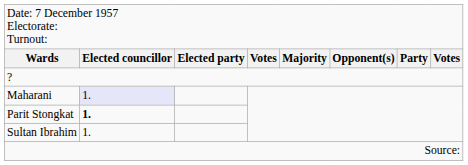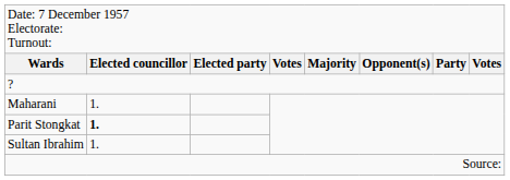 <table class=wikitable>
 <tr>
 <td colspan=8>Date: 7 December 1957<br>Electorate: <br>Turnout:</td>
 </tr>
 <tr>
 <th>Wards</th>
 <th>Elected councillor</th>
 <th>Elected party</th>
 <th>Votes</th>
 <th>Majority</th>
 <th>Opponent(s)</th>
 <th>Party</th>
 <th>Votes</th>
 </tr>
 <tr>
 <td colspan=8>? </td>
 </tr>
 <tr>
 <td>Maharani</td>
-<td style="background: lavender;">1.</td>
+<td>1.</td>
 <td></td>
 </tr>
 <tr>
 <td>Parit Stongkat</td>
 <td><strong>1.</strong></td>
 <td></td>
 </tr>
 <tr>
 <td>Sultan Ibrahim</td>
 <td>1.</td>
 <td></td>
 </tr>
 <tr>
 <td colspan=8 align=right>Source: </td>
 </tr>
 </table>
